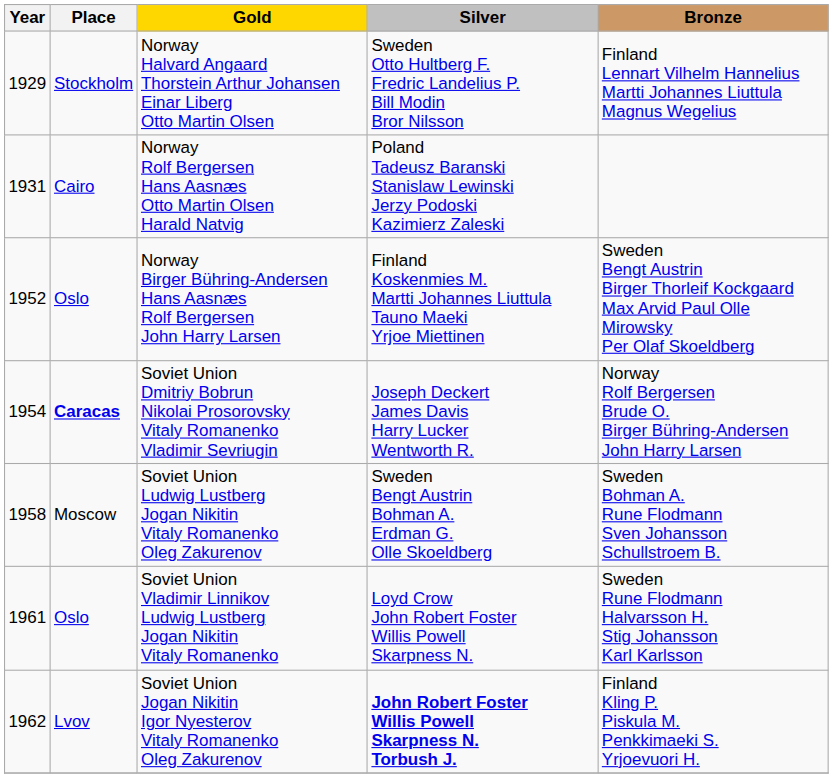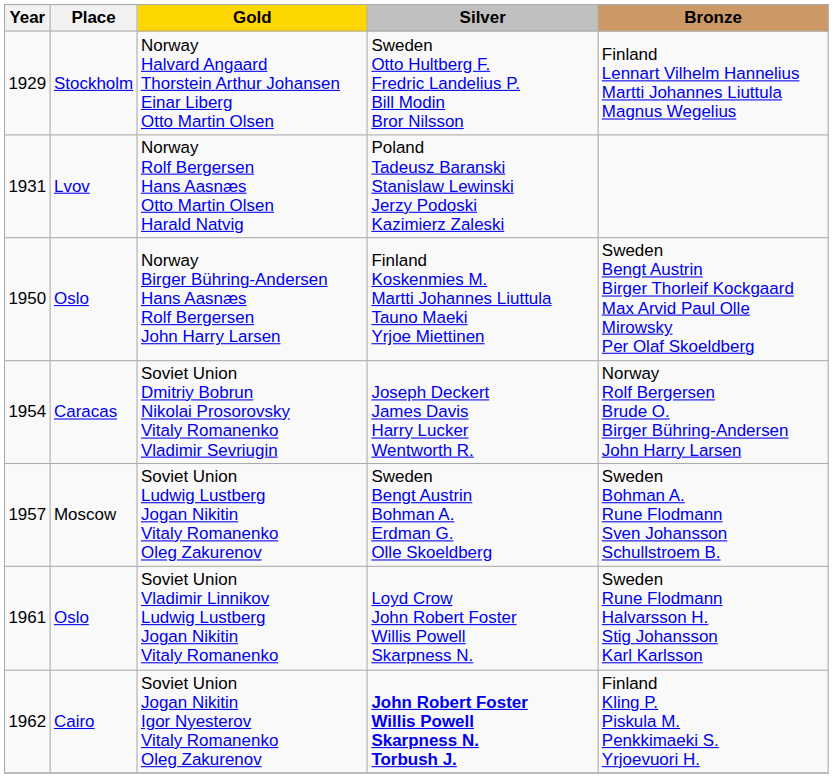 <table class="wikitable">
 <tr>
 <th>Year</th>
 <th>Place</th>
 <th style="background:gold"    width="210">Gold</th>
 <th style="background:silver"  width="210">Silver</th>
 <th style="background:#cc9966" width="210">Bronze</th>
 </tr>
 <tr>
 <td>1929</td>
 <td> <a href='#'>Stockholm</a></td>
 <td> Norway<br><a href='#'>Halvard Angaard</a><br><a href='#'>Thorstein Arthur Johansen</a><br><a href='#'>Einar Liberg</a><br><a href='#'>Otto Martin Olsen</a></td>
 <td> Sweden<br><a href='#'>Otto Hultberg F.</a><br><a href='#'>Fredric Landelius P.</a><br><a href='#'>Bill Modin</a><br><a href='#'>Bror Nilsson</a></td>
 <td> Finland<br><a href='#'>Lennart Vilhelm Hannelius</a><br><a href='#'>Martti Johannes Liuttula</a><br><a href='#'>Magnus Wegelius</a></td>
 </tr>
 <tr>
 <td>1931</td>
-<td> <a href='#'>Cairo</a></td>
+<td> <a href='#'>Lvov</a></td>
 <td> Norway<br><a href='#'>Rolf Bergersen</a><br><a href='#'>Hans Aasnæs</a><br><a href='#'>Otto Martin Olsen</a><br><a href='#'>Harald Natvig</a></td>
 <td> Poland<br><a href='#'>Tadeusz Baranski</a><br><a href='#'>Stanislaw Lewinski</a><br><a href='#'>Jerzy Podoski</a><br><a href='#'>Kazimierz Zaleski</a></td>
 <td></td>
 </tr>
 <tr>
-<td>1952</td>
+<td>1950</td>
 <td> <a href='#'>Oslo</a></td>
 <td> Norway<br><a href='#'>Birger Bühring-Andersen</a><br><a href='#'>Hans Aasnæs</a><br><a href='#'>Rolf Bergersen</a><br><a href='#'>John Harry Larsen</a></td>
 <td> Finland<br><a href='#'>Koskenmies M.</a><br><a href='#'>Martti Johannes Liuttula</a><br><a href='#'>Tauno Maeki</a><br><a href='#'>Yrjoe Miettinen</a></td>
 <td> Sweden<br><a href='#'>Bengt Austrin</a><br><a href='#'>Birger Thorleif Kockgaard</a><br><a href='#'>Max Arvid Paul Olle Mirowsky</a><br><a href='#'>Per Olaf Skoeldberg</a></td>
 </tr>
 <tr>
 <td>1954</td>
-<td><strong> <a href='#'>Caracas</a></strong></td>
+<td> <a href='#'>Caracas</a></td>
 <td> Soviet Union<br><a href='#'>Dmitriy Bobrun</a><br><a href='#'>Nikolai Prosorovsky</a><br><a href='#'>Vitaly Romanenko</a><br><a href='#'>Vladimir Sevriugin</a></td>
 <td><br><a href='#'>Joseph Deckert</a><br><a href='#'>James Davis</a><br><a href='#'>Harry Lucker</a><br><a href='#'>Wentworth R.</a></td>
 <td> Norway<br><a href='#'>Rolf Bergersen</a><br><a href='#'>Brude O.</a><br><a href='#'>Birger Bühring-Andersen</a><br><a href='#'>John Harry Larsen</a></td>
 </tr>
 <tr>
-<td>1958</td>
+<td>1957</td>
 <td> Moscow</td>
 <td> Soviet Union<br><a href='#'>Ludwig Lustberg</a><br><a href='#'>Jogan Nikitin</a><br><a href='#'>Vitaly Romanenko</a><br><a href='#'>Oleg Zakurenov</a></td>
 <td> Sweden<br><a href='#'>Bengt Austrin</a><br><a href='#'>Bohman A.</a><br><a href='#'>Erdman G.</a><br><a href='#'>Olle Skoeldberg</a></td>
 <td> Sweden<br><a href='#'>Bohman A.</a><br><a href='#'>Rune Flodmann</a><br><a href='#'>Sven Johansson</a><br><a href='#'>Schullstroem B.</a></td>
 </tr>
 <tr>
 <td>1961</td>
 <td> <a href='#'>Oslo</a></td>
 <td> Soviet Union<br><a href='#'>Vladimir Linnikov</a><br><a href='#'>Ludwig Lustberg</a><br><a href='#'>Jogan Nikitin</a><br><a href='#'>Vitaly Romanenko</a></td>
 <td><br><a href='#'>Loyd Crow</a><br><a href='#'>John Robert Foster</a><br><a href='#'>Willis Powell</a><br><a href='#'>Skarpness N.</a></td>
 <td> Sweden<br><a href='#'>Rune Flodmann</a><br><a href='#'>Halvarsson H.</a><br><a href='#'>Stig Johansson</a><br><a href='#'>Karl Karlsson</a></td>
 </tr>
 <tr>
 <td>1962</td>
-<td> <a href='#'>Lvov</a></td>
+<td> <a href='#'>Cairo</a></td>
 <td> Soviet Union<br><a href='#'>Jogan Nikitin</a><br><a href='#'>Igor Nyesterov</a><br><a href='#'>Vitaly Romanenko</a><br><a href='#'>Oleg Zakurenov</a></td>
 <td><strong><br><a href='#'>John Robert Foster</a><br><a href='#'>Willis Powell</a><br><a href='#'>Skarpness N.</a><br><a href='#'>Torbush J.</a></strong></td>
 <td> Finland<br><a href='#'>Kling P.</a><br><a href='#'>Piskula M.</a><br><a href='#'>Penkkimaeki S.</a><br><a href='#'>Yrjoevuori H.</a></td>
 </tr>
 <tr>
 </tr>
 </table>
